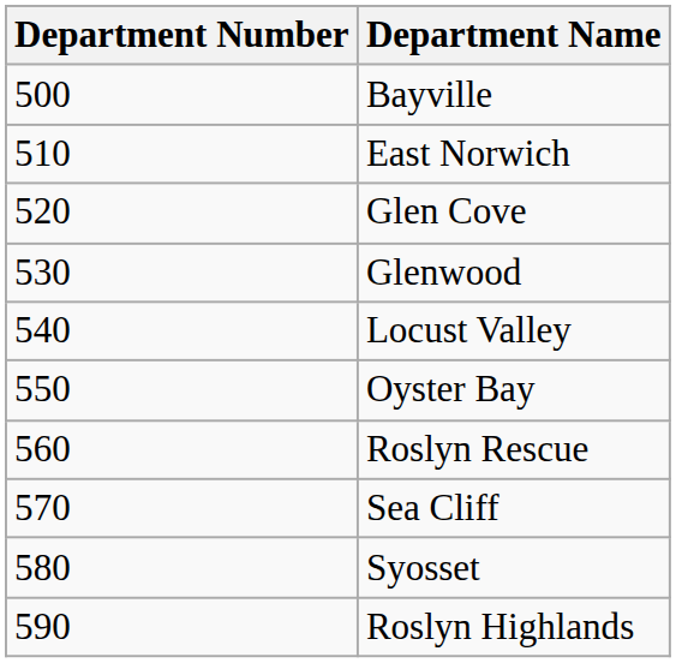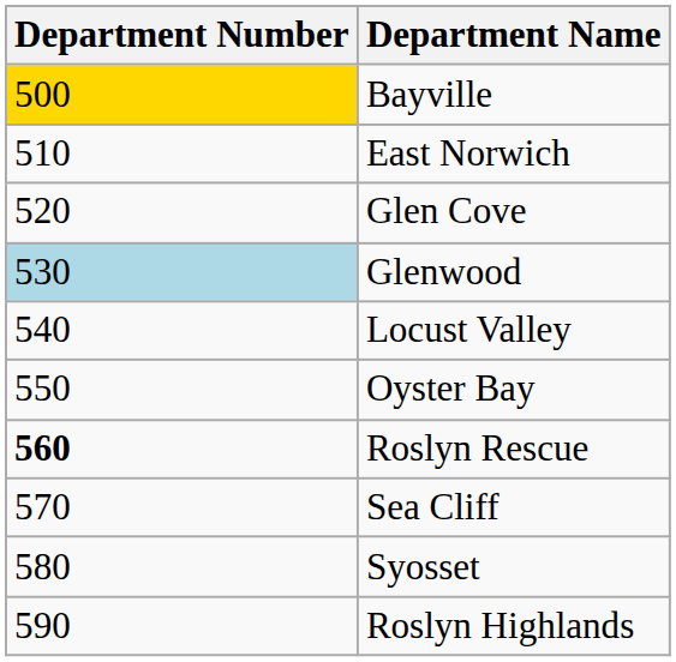 <table class="wikitable mw-collapsible">
 <tr valign="bottom">
 <th>Department Number</th>
 <th>Department Name</th>
 </tr>
 <tr>
-<td>500</td>
+<td style="background: gold;">500</td>
 <td>Bayville</td>
 </tr>
 <tr>
 <td>510</td>
 <td>East Norwich</td>
 </tr>
 <tr>
 <td>520</td>
 <td>Glen Cove</td>
 </tr>
 <tr>
-<td>530</td>
+<td style="background: lightblue;">530</td>
 <td>Glenwood</td>
 </tr>
 <tr>
 <td>540</td>
 <td>Locust Valley</td>
 </tr>
 <tr>
 <td>550</td>
 <td>Oyster Bay</td>
 </tr>
 <tr>
-<td>560</td>
+<td><strong>560</strong></td>
 <td>Roslyn Rescue</td>
 </tr>
 <tr>
 <td>570</td>
 <td>Sea Cliff</td>
 </tr>
 <tr>
 <td>580</td>
 <td>Syosset</td>
 </tr>
 <tr>
 <td>590</td>
 <td>Roslyn Highlands</td>
 </tr>
 </table>
